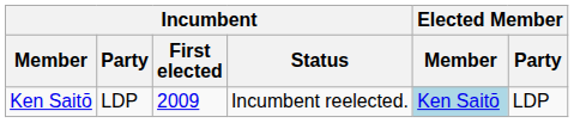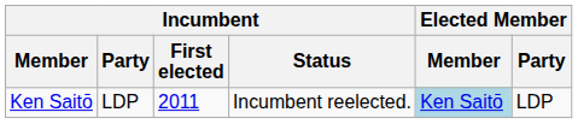 <table class="wikitable sortable">
 <tr>
 <th colspan=4>Incumbent</th>
 <th colspan=2>Elected Member</th>
 </tr>
 <tr>
 <th>Member</th>
 <th>Party</th>
 <th>First<br>elected</th>
 <th>Status</th>
 <th>Member</th>
 <th>Party</th>
 </tr>
 <tr>
 <td><a href='#'>Ken Saitō</a></td>
 <td>LDP</td>
-<td><a href='#'>2009</a></td>
+<td><a href='#'>2011</a></td>
 <td>Incumbent reelected.</td>
 <td style="background: lightblue;"><a href='#'>Ken Saitō</a></td>
 <td>LDP</td>
 </tr>
 </table>
